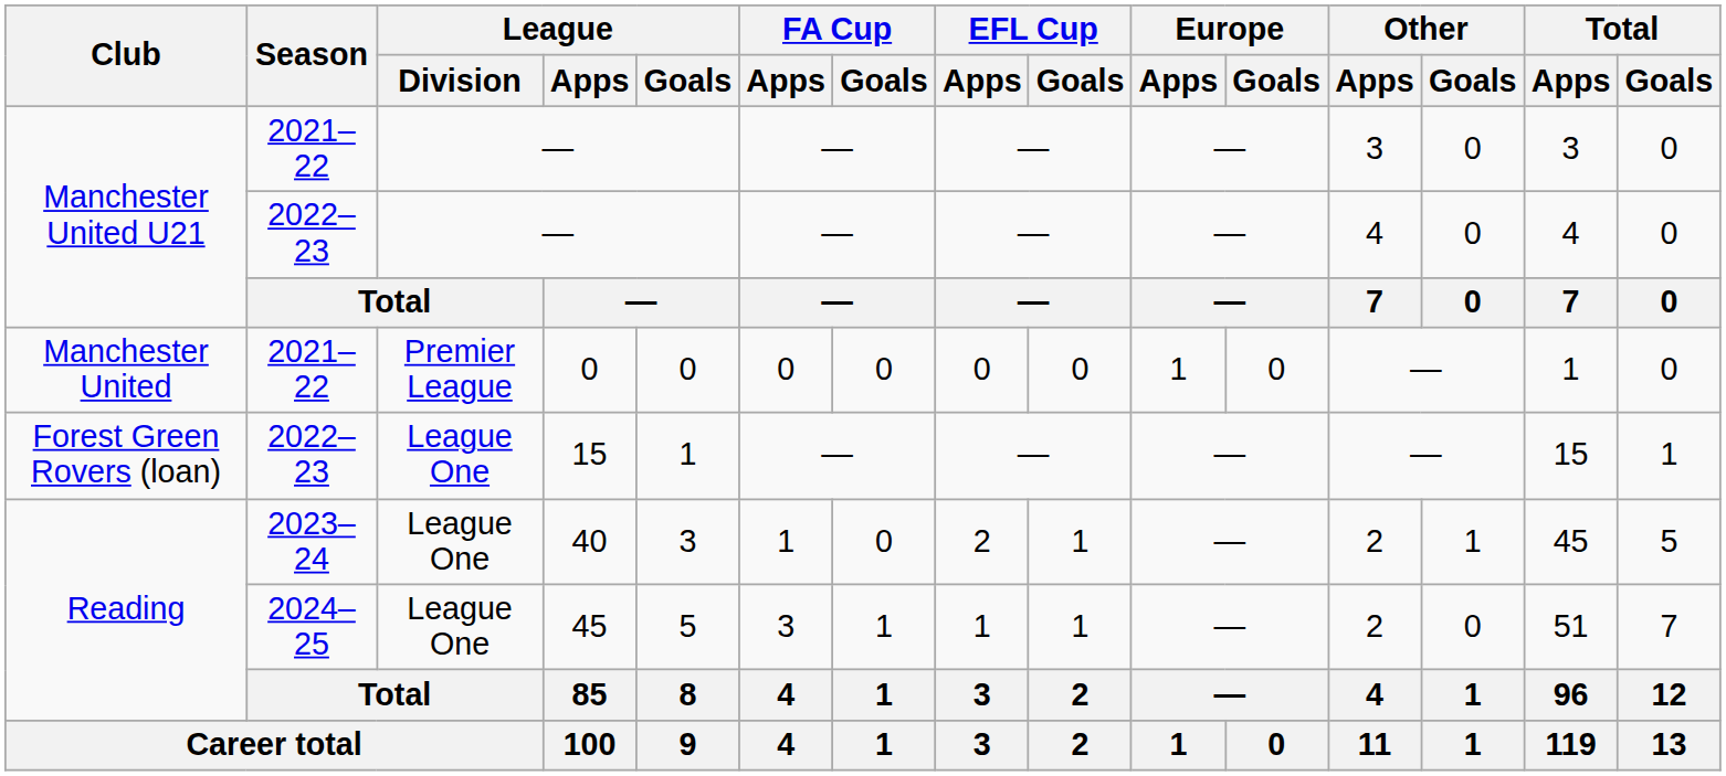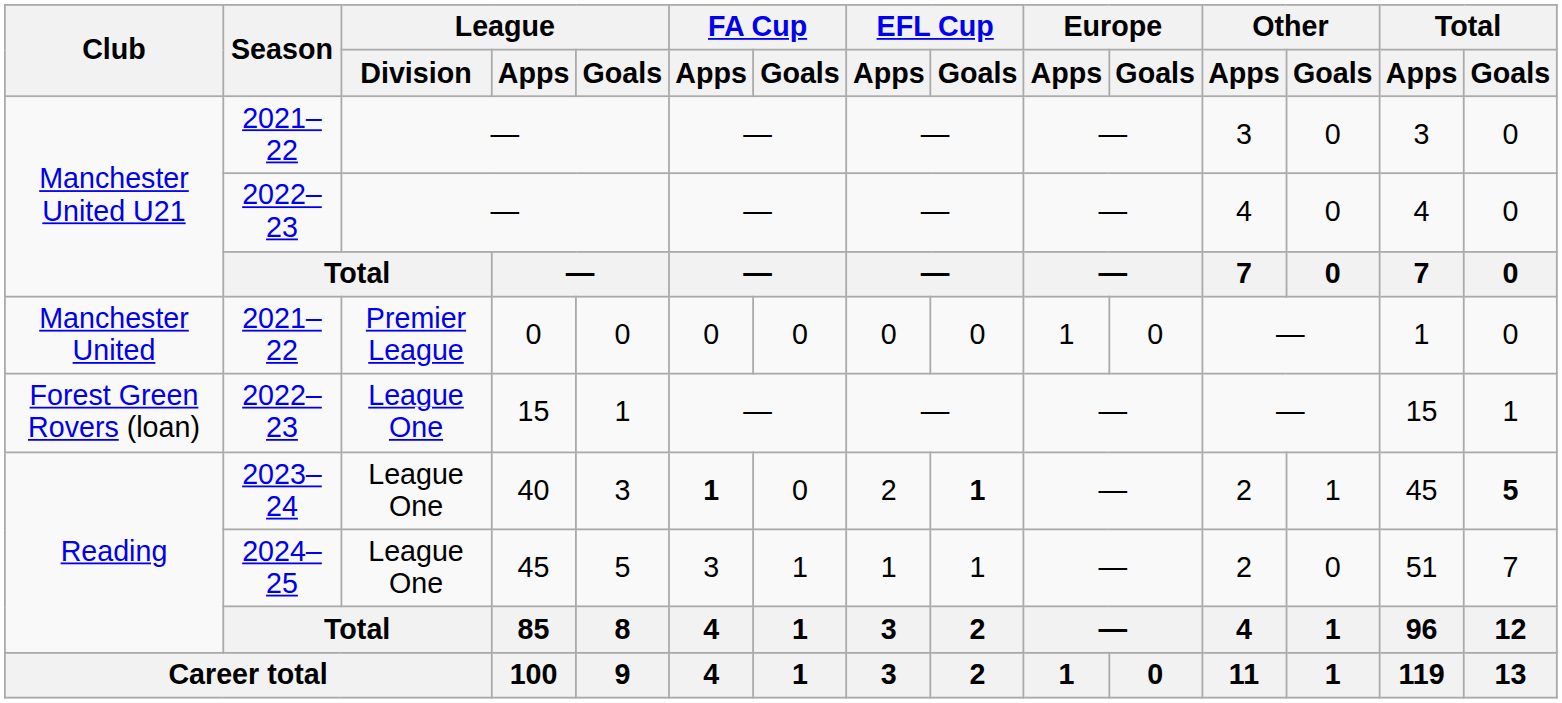 <table class=wikitable style=text-align:center>
 <tr>
 <th rowspan=2>Club</th>
 <th rowspan=2>Season</th>
 <th colspan=3>League</th>
 <th colspan=2><a href='#'>FA Cup</a></th>
 <th colspan=2><a href='#'>EFL Cup</a></th>
 <th colspan=2>Europe</th>
 <th colspan=2>Other</th>
 <th colspan=2>Total</th>
 </tr>
 <tr>
 <th>Division</th>
 <th>Apps</th>
 <th>Goals</th>
 <th>Apps</th>
 <th>Goals</th>
 <th>Apps</th>
 <th>Goals</th>
 <th>Apps</th>
 <th>Goals</th>
 <th>Apps</th>
 <th>Goals</th>
 <th>Apps</th>
 <th>Goals</th>
 </tr>
 <tr>
 <td rowspan=3><a href='#'>Manchester United U21</a></td>
 <td><a href='#'>2021–22</a></td>
 <td colspan=3>—</td>
 <td colspan=2>—</td>
 <td colspan=2>—</td>
 <td colspan=2>—</td>
 <td>3</td>
 <td>0</td>
 <td>3</td>
 <td>0</td>
 </tr>
 <tr>
 <td><a href='#'>2022–23</a></td>
 <td colspan=3>—</td>
 <td colspan=2>—</td>
 <td colspan=2>—</td>
 <td colspan=2>—</td>
 <td>4</td>
 <td>0</td>
 <td>4</td>
 <td>0</td>
 </tr>
 <tr>
 <th colspan=2>Total</th>
 <th colspan=2>—</th>
 <th colspan=2>—</th>
 <th colspan=2>—</th>
 <th colspan=2>—</th>
 <th>7</th>
 <th>0</th>
 <th>7</th>
 <th>0</th>
 </tr>
 <tr>
 <td><a href='#'>Manchester United</a></td>
 <td><a href='#'>2021–22</a></td>
 <td><a href='#'>Premier League</a></td>
 <td>0</td>
 <td>0</td>
 <td>0</td>
 <td>0</td>
 <td>0</td>
 <td>0</td>
 <td>1</td>
 <td>0</td>
 <td colspan=2>—</td>
 <td>1</td>
 <td>0</td>
 </tr>
 <tr>
 <td><a href='#'>Forest Green Rovers</a> (loan)</td>
 <td><a href='#'>2022–23</a></td>
 <td><a href='#'>League One</a></td>
 <td>15</td>
 <td>1</td>
 <td colspan=2>—</td>
 <td colspan=2>—</td>
 <td colspan=2>—</td>
 <td colspan=2>—</td>
 <td>15</td>
 <td>1</td>
 </tr>
 <tr>
 <td rowspan=3><a href='#'>Reading</a></td>
 <td><a href='#'>2023–24</a></td>
 <td>League One</td>
 <td>40</td>
 <td>3</td>
-<td>1</td>
+<td><strong>1</strong></td>
 <td>0</td>
 <td>2</td>
-<td>1</td>
+<td><strong>1</strong></td>
 <td colspan=2>—</td>
 <td>2</td>
 <td>1</td>
 <td>45</td>
-<td>5</td>
+<td><strong>5</strong></td>
 </tr>
 <tr>
 <td><a href='#'>2024–25</a></td>
 <td>League One</td>
 <td>45</td>
 <td>5</td>
 <td>3</td>
 <td>1</td>
 <td>1</td>
 <td>1</td>
 <td colspan=2>—</td>
 <td>2</td>
 <td>0</td>
 <td>51</td>
 <td>7</td>
 </tr>
 <tr>
 <th colspan=2>Total</th>
 <th>85</th>
 <th>8</th>
 <th>4</th>
 <th>1</th>
 <th>3</th>
 <th>2</th>
 <th colspan=2>—</th>
 <th>4</th>
 <th>1</th>
 <th>96</th>
 <th>12</th>
 </tr>
 <tr>
 <th colspan=3>Career total</th>
 <th>100</th>
 <th>9</th>
 <th>4</th>
 <th>1</th>
 <th>3</th>
 <th>2</th>
 <th>1</th>
 <th>0</th>
 <th>11</th>
 <th>1</th>
 <th>119</th>
 <th>13</th>
 </tr>
 </table>
